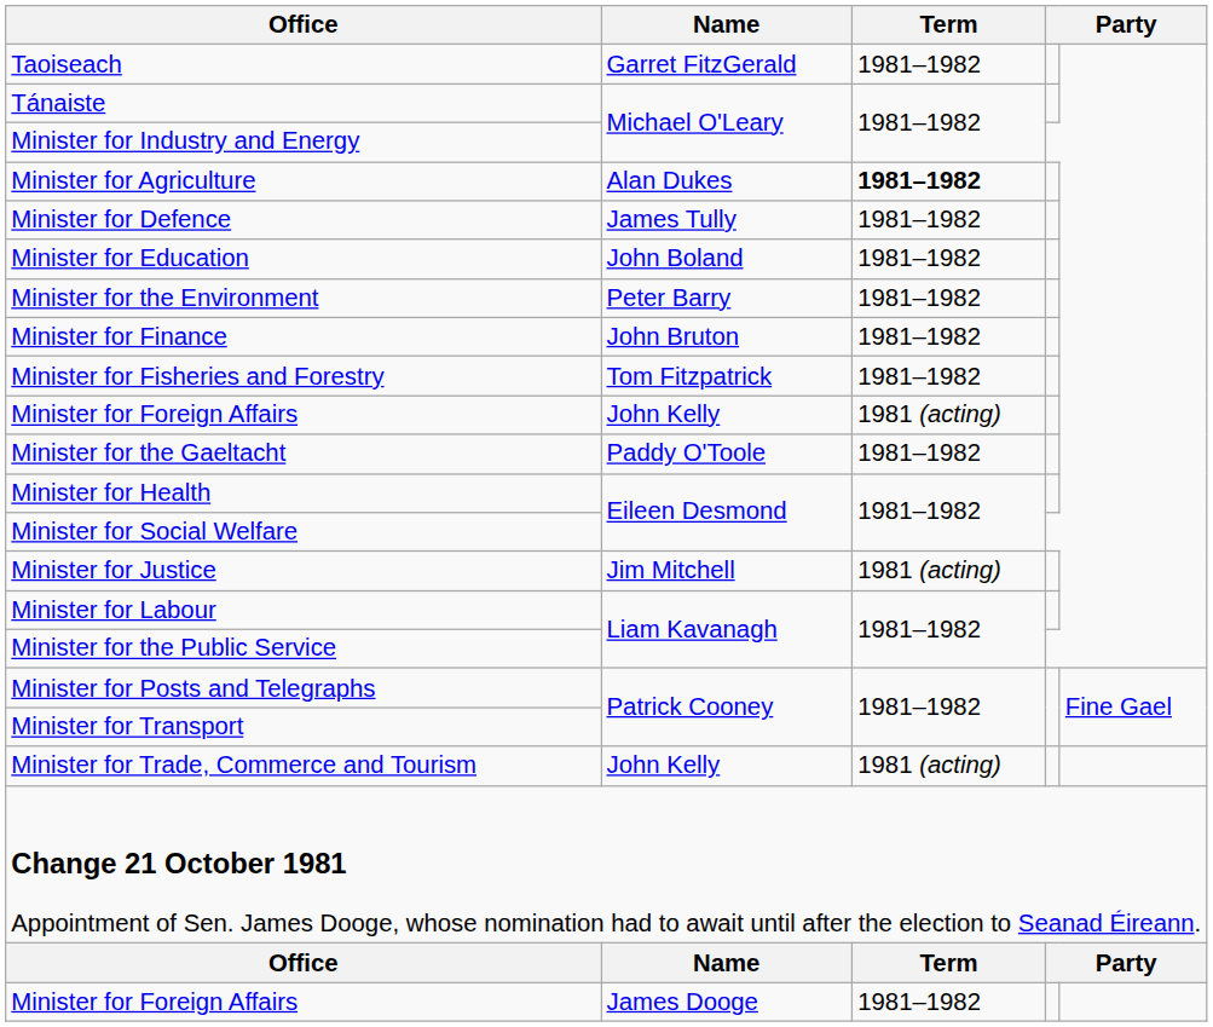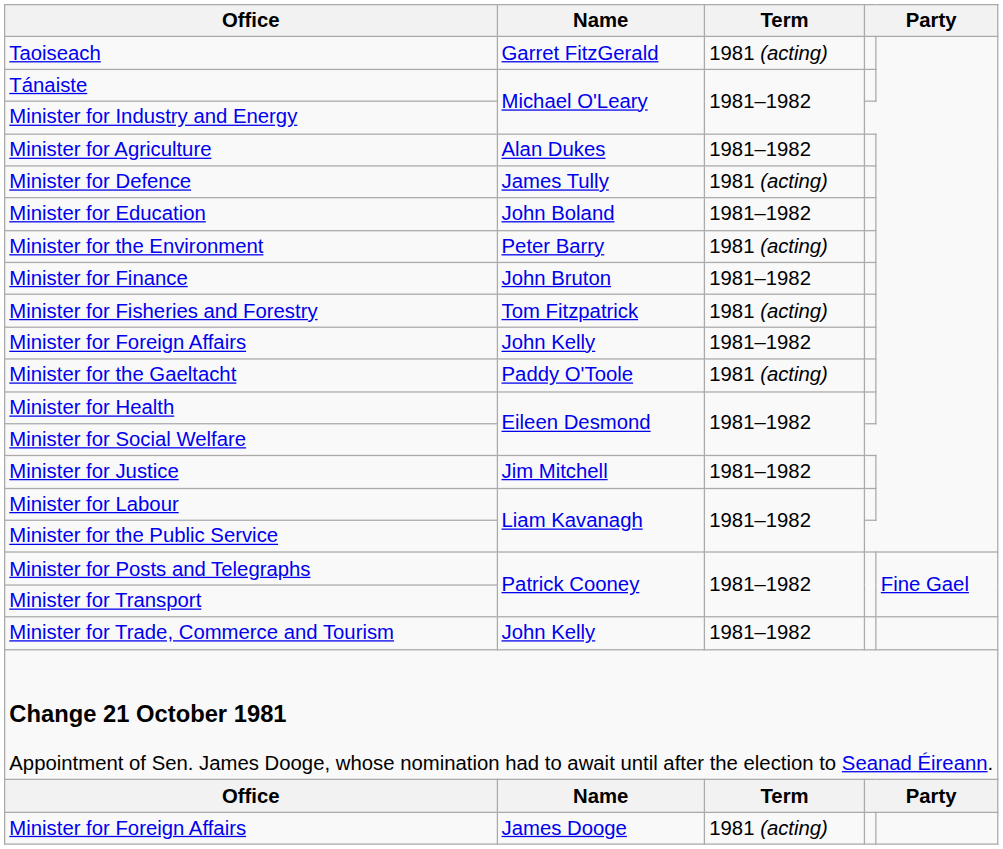 <table class="wikitable">
 <tr>
 <th>Office</th>
 <th>Name</th>
 <th>Term</th>
 <th colspan="2">Party</th>
 </tr>
 <tr>
 <td><a href='#'>Taoiseach</a></td>
 <td><a href='#'>Garret FitzGerald</a></td>
-<td>1981–1982</td>
+<td>1981 <em>(acting)</em></td>
 <td></td>
 </tr>
 <tr>
 <td><a href='#'>Tánaiste</a></td>
 <td rowspan=2><a href='#'>Michael O'Leary</a></td>
 <td rowspan=2>1981–1982</td>
 <td></td>
 </tr>
 <tr>
 <td><a href='#'>Minister for Industry and Energy</a></td>
 </tr>
 <tr>
 <td><a href='#'>Minister for Agriculture</a></td>
 <td><a href='#'>Alan Dukes</a></td>
-<td><strong>1981–1982</strong></td>
+<td>1981–1982</td>
 <td></td>
 </tr>
 <tr>
 <td><a href='#'>Minister for Defence</a></td>
 <td><a href='#'>James Tully</a></td>
-<td>1981–1982</td>
+<td>1981 <em>(acting)</em></td>
 <td></td>
 </tr>
 <tr>
 <td><a href='#'>Minister for Education</a></td>
 <td><a href='#'>John Boland</a></td>
 <td>1981–1982</td>
 <td></td>
 </tr>
 <tr>
 <td><a href='#'>Minister for the Environment</a></td>
 <td><a href='#'>Peter Barry</a></td>
-<td>1981–1982</td>
+<td>1981 <em>(acting)</em></td>
 <td></td>
 </tr>
 <tr>
 <td><a href='#'>Minister for Finance</a></td>
 <td><a href='#'>John Bruton</a></td>
 <td>1981–1982</td>
 <td></td>
 </tr>
 <tr>
 <td><a href='#'>Minister for Fisheries and Forestry</a></td>
 <td><a href='#'>Tom Fitzpatrick</a></td>
-<td>1981–1982</td>
+<td>1981 <em>(acting)</em></td>
 <td></td>
 </tr>
 <tr>
 <td><a href='#'>Minister for Foreign Affairs</a></td>
 <td><a href='#'>John Kelly</a></td>
-<td>1981 <em>(acting)</em></td>
+<td>1981–1982</td>
 <td></td>
 </tr>
 <tr>
 <td><a href='#'>Minister for the Gaeltacht</a></td>
 <td><a href='#'>Paddy O'Toole</a></td>
-<td>1981–1982</td>
+<td>1981 <em>(acting)</em></td>
 <td></td>
 </tr>
 <tr>
 <td><a href='#'>Minister for Health</a></td>
 <td rowspan=2><a href='#'>Eileen Desmond</a></td>
 <td rowspan=2>1981–1982</td>
 <td></td>
 </tr>
 <tr>
 <td><a href='#'>Minister for Social Welfare</a></td>
 </tr>
 <tr>
 <td><a href='#'>Minister for Justice</a></td>
 <td><a href='#'>Jim Mitchell</a></td>
-<td>1981 <em>(acting)</em></td>
+<td>1981–1982</td>
 <td></td>
 </tr>
 <tr>
 <td><a href='#'>Minister for Labour</a></td>
 <td rowspan=2><a href='#'>Liam Kavanagh</a></td>
 <td rowspan=2>1981–1982</td>
 <td></td>
 </tr>
 <tr>
 <td><a href='#'>Minister for the Public Service</a></td>
 </tr>
 <tr>
 <td><a href='#'>Minister for Posts and Telegraphs</a></td>
 <td rowspan=2><a href='#'>Patrick Cooney</a></td>
 <td rowspan=2>1981–1982</td>
 <td rowspan=2 style="background-color: "></td>
 <td rowspan=2><a href='#'>Fine Gael</a></td>
 </tr>
 <tr>
 <td><a href='#'>Minister for Transport</a></td>
 </tr>
 <tr>
 <td><a href='#'>Minister for Trade, Commerce and Tourism</a></td>
 <td><a href='#'>John Kelly</a></td>
-<td>1981 <em>(acting)</em></td>
+<td>1981–1982</td>
 <td></td>
 </tr>
 <tr>
 <td colspan="5"><br><h3>Change 21 October 1981</h3>Appointment of Sen. James Dooge, whose nomination had to await until after the election to <a href='#'>Seanad Éireann</a>.</td>
 </tr>
 <tr>
 <th>Office</th>
 <th>Name</th>
 <th>Term</th>
 <th colspan="2">Party</th>
 </tr>
 <tr>
 <td><a href='#'>Minister for Foreign Affairs</a></td>
 <td><a href='#'>James Dooge</a></td>
-<td>1981–1982</td>
+<td>1981 <em>(acting)</em></td>
 <td></td>
 </tr>
 </table>
